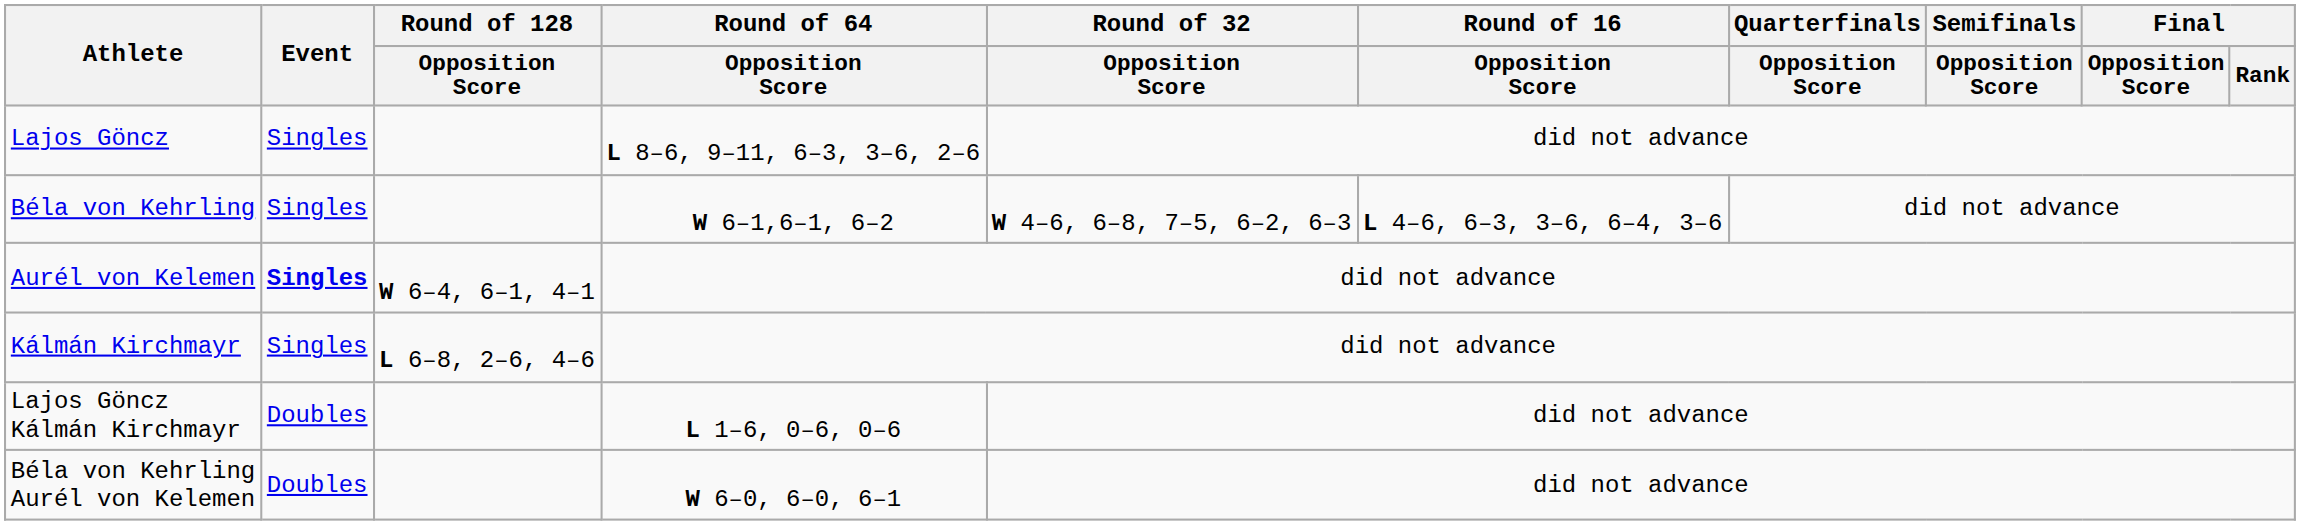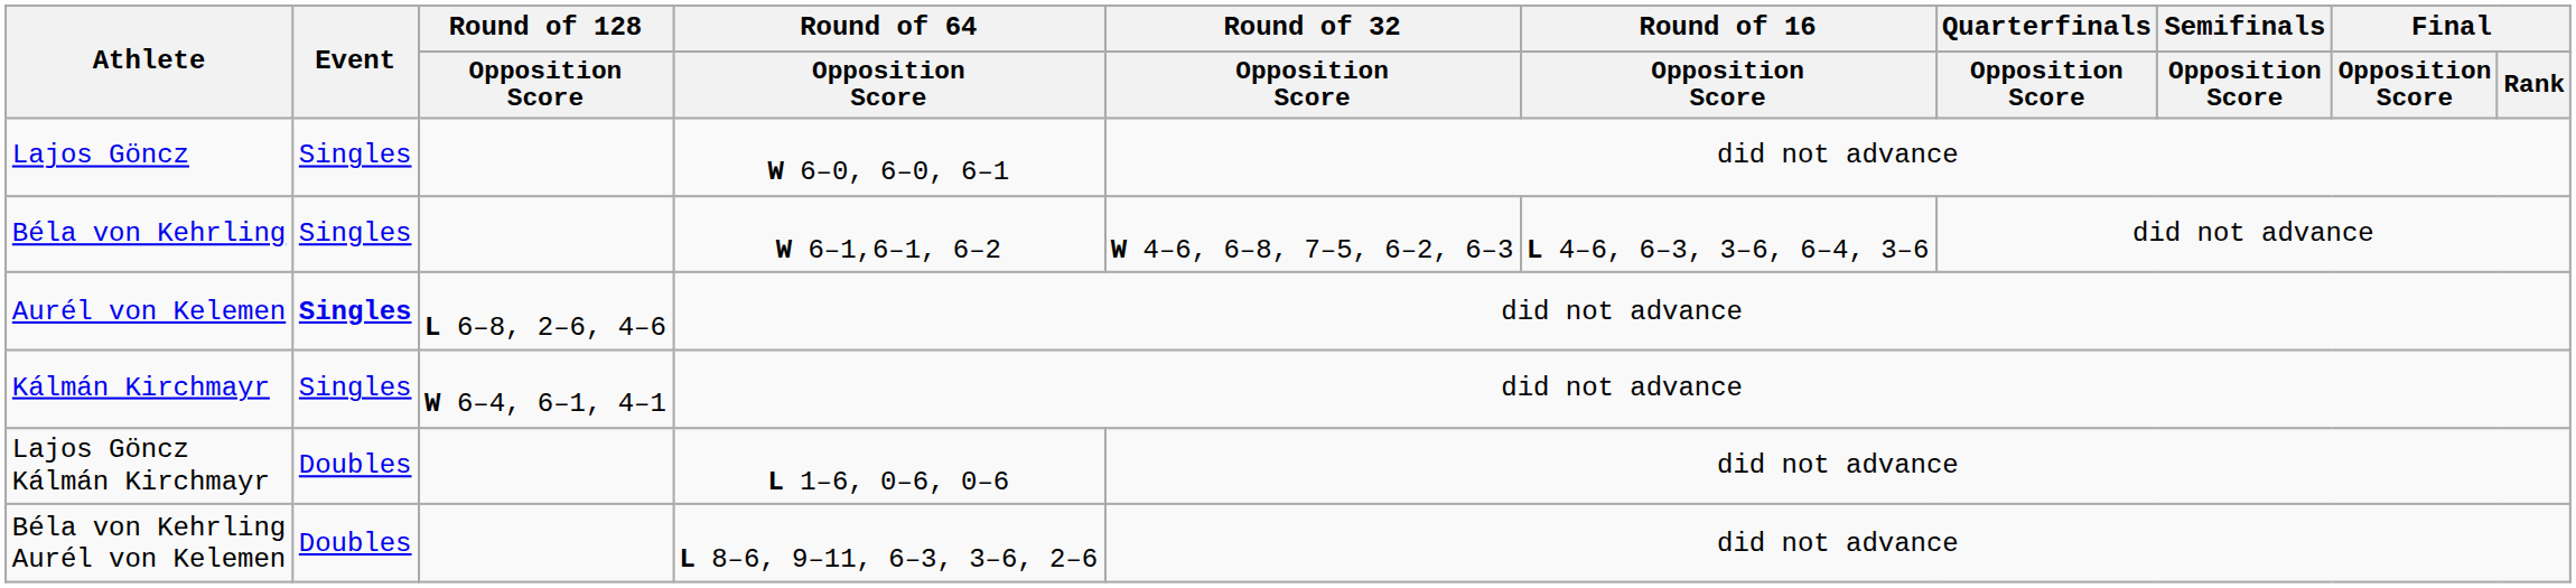 <table class=wikitable style="font-size:90%">
 <tr>
 <th rowspan=2>Athlete</th>
 <th rowspan=2>Event</th>
 <th>Round of 128</th>
 <th>Round of 64</th>
 <th>Round of 32</th>
 <th>Round of 16</th>
 <th>Quarterfinals</th>
 <th>Semifinals</th>
 <th colspan=2>Final</th>
 </tr>
 <tr style="font-size:95%">
 <th>Opposition<br>Score</th>
 <th>Opposition<br>Score</th>
 <th>Opposition<br>Score</th>
 <th>Opposition<br>Score</th>
 <th>Opposition<br>Score</th>
 <th>Opposition<br>Score</th>
 <th>Opposition<br>Score</th>
 <th>Rank</th>
 </tr>
 <tr align=center>
 <td align=left><a href='#'>Lajos Göncz</a></td>
 <td align=left><a href='#'>Singles</a></td>
 <td></td>
-<td> <br> <strong>L</strong> 8–6, 9–11, 6–3, 3–6, 2–6</td>
+<td><br> <strong>W</strong> 6–0, 6–0, 6–1</td>
 <td colspan=6>did not advance</td>
 </tr>
 <tr align=center>
 <td align=left><a href='#'>Béla von Kehrling</a></td>
 <td align=left><a href='#'>Singles</a></td>
 <td></td>
 <td><br> <strong>W</strong> 6–1,6–1, 6–2</td>
 <td><br> <strong>W</strong> 4–6, 6–8, 7–5, 6–2, 6–3</td>
 <td><br> <strong>L</strong> 4–6, 6–3, 3–6, 6–4, 3–6</td>
 <td colspan=4>did not advance</td>
 </tr>
 <tr align=center>
 <td align=left><a href='#'>Aurél von Kelemen</a></td>
 <td align=left><strong><a href='#'>Singles</a></strong></td>
-<td><br> <strong>W</strong> 6–4, 6–1, 4–1</td>
+<td><br> <strong>L</strong> 6–8, 2–6, 4–6</td>
 <td colspan=7>did not advance</td>
 </tr>
 <tr align=center>
 <td align=left><a href='#'>Kálmán Kirchmayr</a></td>
 <td align=left><a href='#'>Singles</a></td>
-<td><br> <strong>L</strong> 6–8, 2–6, 4–6</td>
+<td><br> <strong>W</strong> 6–4, 6–1, 4–1</td>
 <td colspan=7>did not advance</td>
 </tr>
 <tr align=center>
 <td align=left>Lajos Göncz <br> Kálmán Kirchmayr</td>
 <td align=left><a href='#'>Doubles</a></td>
 <td></td>
 <td> <br> <strong>L</strong> 1–6, 0–6, 0–6</td>
 <td colspan=6>did not advance</td>
 </tr>
 <tr align=center>
 <td align=left>Béla von Kehrling <br> Aurél von Kelemen</td>
 <td align=left><a href='#'>Doubles</a></td>
 <td></td>
-<td><br> <strong>W</strong> 6–0, 6–0, 6–1</td>
+<td> <br> <strong>L</strong> 8–6, 9–11, 6–3, 3–6, 2–6</td>
 <td colspan=6>did not advance</td>
 </tr>
 </table>
